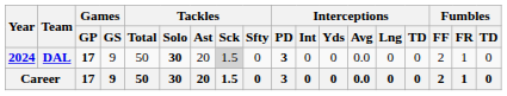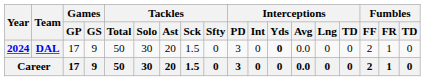 <table class="wikitable" style="text-align:center;">
 <tr>
 <th rowspan="2">Year</th>
 <th rowspan="2">Team</th>
 <th colspan="2">Games</th>
 <th colspan="5">Tackles</th>
 <th colspan="6">Interceptions</th>
 <th colspan="3">Fumbles</th>
 </tr>
 <tr>
 <th>GP</th>
 <th>GS</th>
 <th>Total</th>
 <th>Solo</th>
 <th>Ast</th>
 <th>Sck</th>
 <th>Sfty</th>
 <th>PD</th>
 <th>Int</th>
 <th>Yds</th>
 <th>Avg</th>
 <th>Lng</th>
 <th>TD</th>
 <th>FF</th>
 <th>FR</th>
 <th>TD</th>
 </tr>
 <tr>
 <th><a href='#'>2024</a></th>
 <th><a href='#'>DAL</a></th>
-<td><strong>17</strong></td>
+<td>17</td>
 <td>9</td>
 <td>50</td>
-<td><strong>30</strong></td>
+<td>30</td>
 <td>20</td>
-<td style="background: lightgrey;">1.5</td>
+<td>1.5</td>
 <td>0</td>
-<td><strong>3</strong></td>
+<td>3</td>
 <td>0</td>
-<td>0</td>
+<td><strong>0</strong></td>
 <td>0.0</td>
 <td>0</td>
 <td>0</td>
 <td>2</td>
 <td>1</td>
 <td>0</td>
 </tr>
 <tr>
 <th colspan="2">Career</th>
 <th>17</th>
 <th>9</th>
 <th>50</th>
 <th>30</th>
 <th>20</th>
 <th>1.5</th>
 <th>0</th>
 <th>3</th>
 <th>0</th>
 <th>0</th>
 <th>0.0</th>
 <th>0</th>
 <th>0</th>
 <th>2</th>
 <th>1</th>
 <th>0</th>
 </tr>
 </table>
